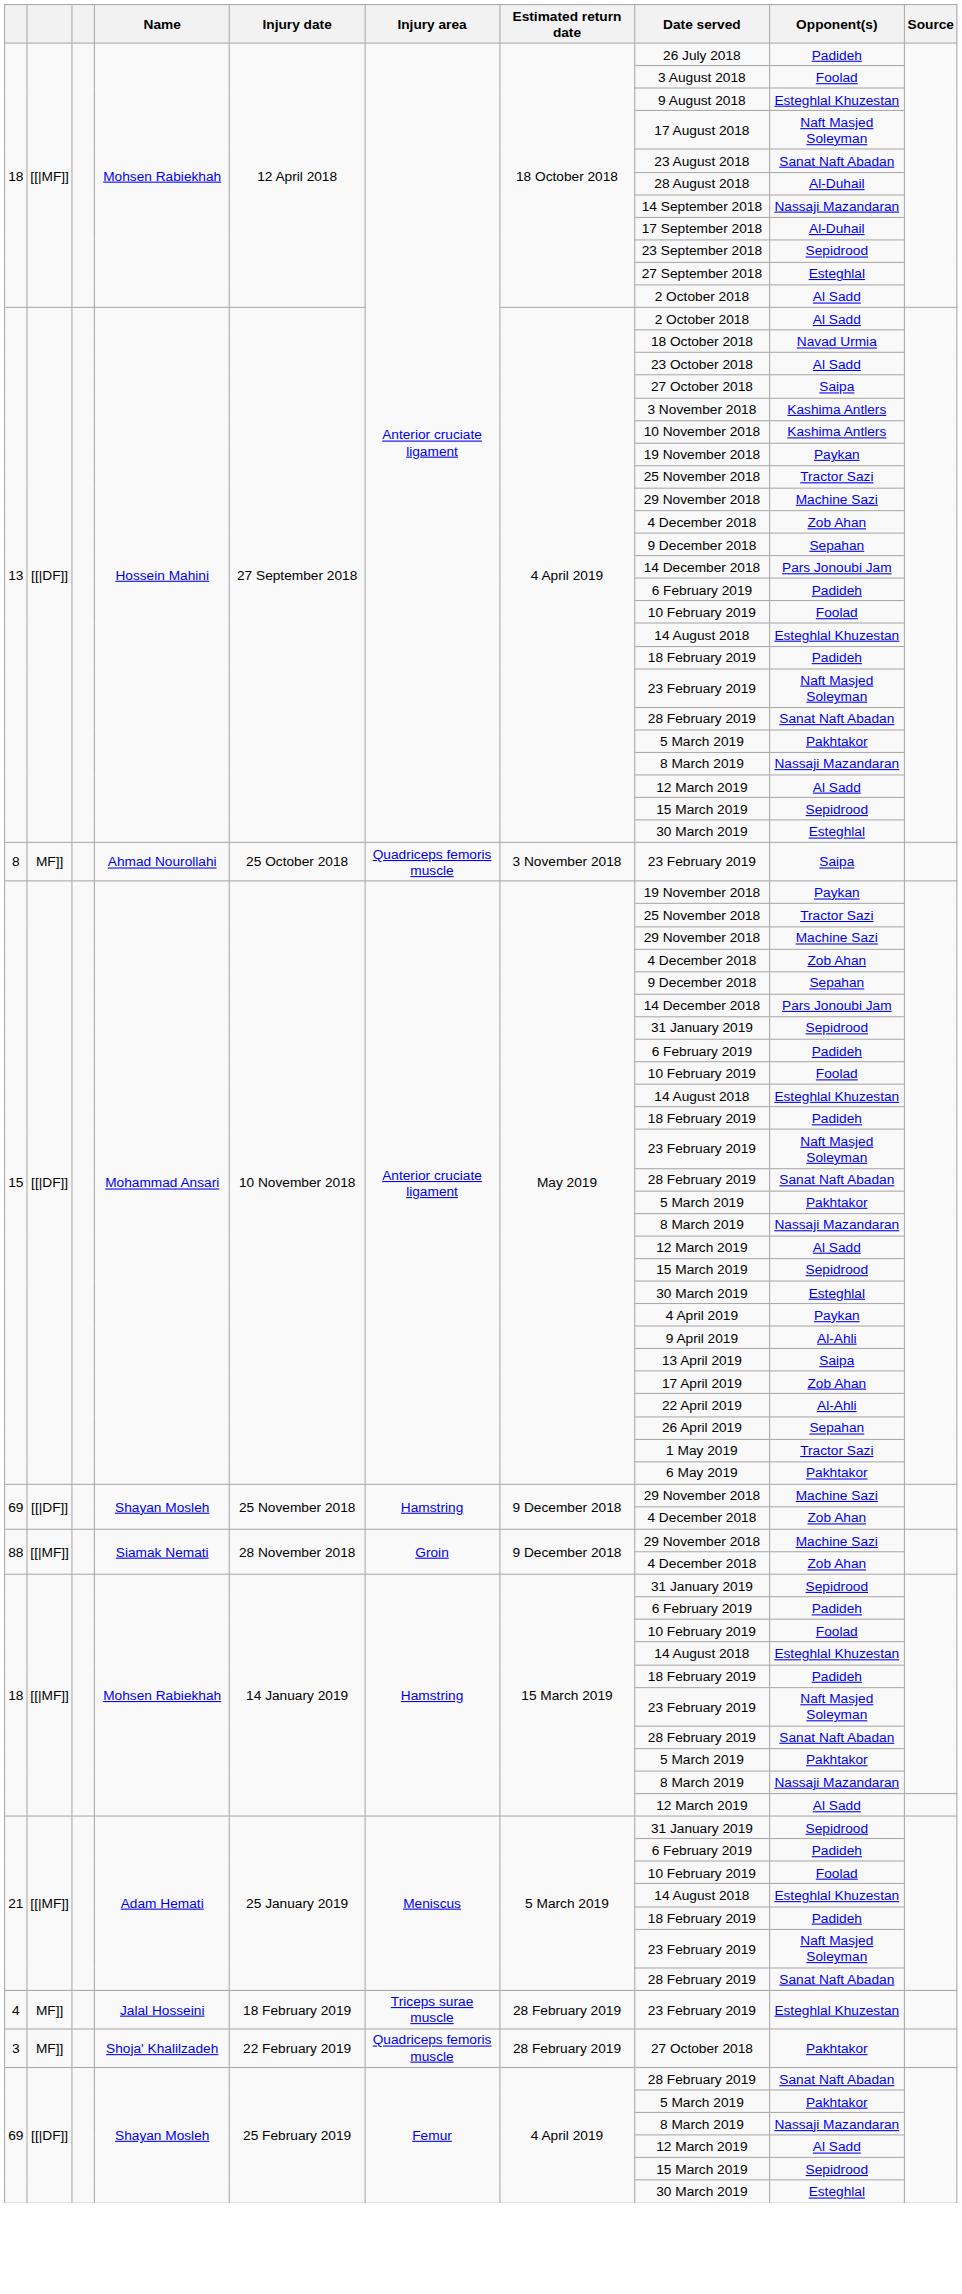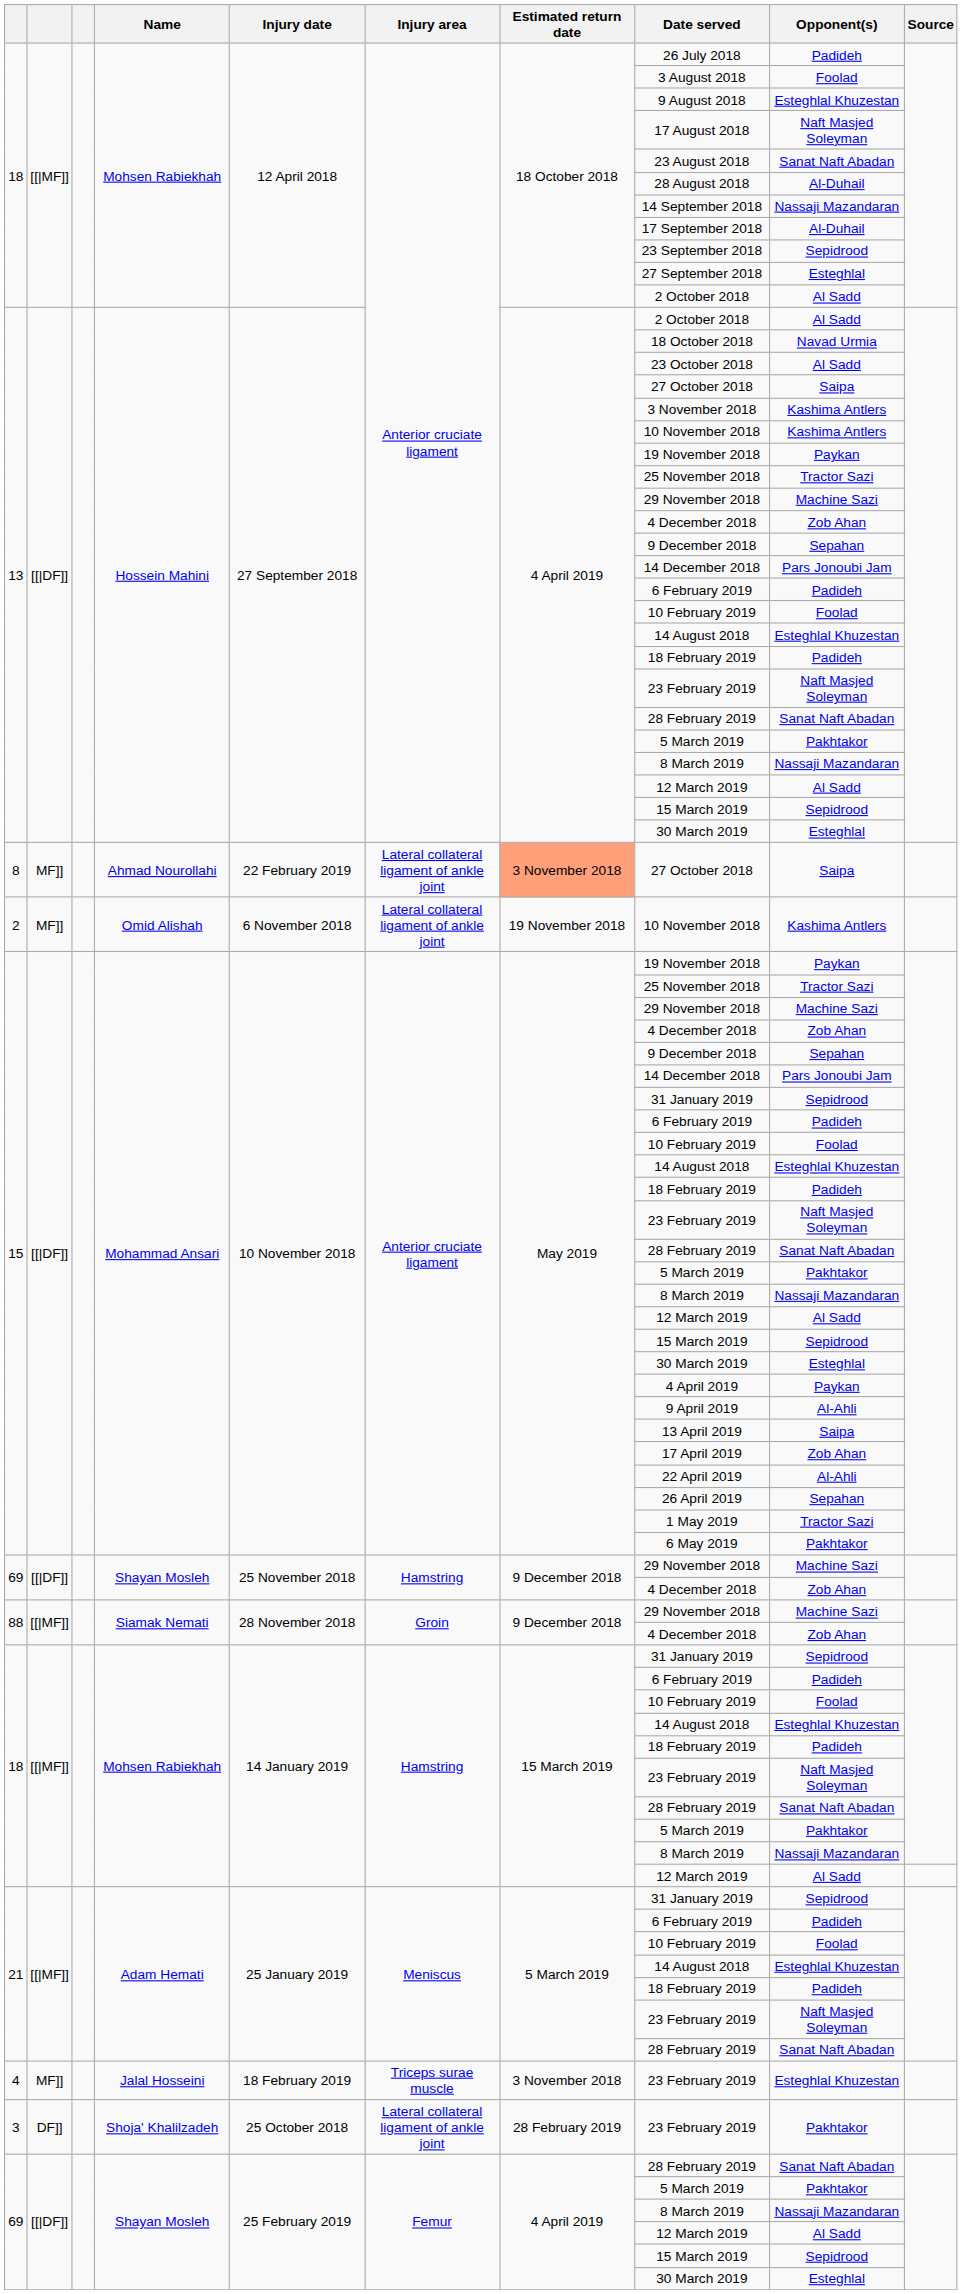 <table class="wikitable" style="font-size: 95%; text-align: center;font-size:80%">
 <tr>
 <th width=15></th>
 <th width=15></th>
 <th width=15></th>
 <th width=120>Name</th>
 <th width=120>Injury date</th>
 <th width=120>Injury area</th>
 <th width=120>Estimated return date</th>
 <th width=120>Date served</th>
 <th width=120>Opponent(s)</th>
 <th width=30>Source</th>
 </tr>
 <tr>
 <td rowspan="11">18</td>
 <td rowspan="11">[[|MF]]</td>
 <td rowspan="11"></td>
 <td rowspan="11"><a href='#'>Mohsen Rabiekhah</a></td>
 <td rowspan="11">12 April 2018</td>
 <td rowspan="34"><a href='#'>Anterior cruciate ligament</a></td>
 <td rowspan="11">18 October 2018</td>
 <td>26 July 2018</td>
 <td><a href='#'>Padideh</a></td>
 <td rowspan="11"></td>
 </tr>
 <tr>
 <td>3 August 2018</td>
 <td><a href='#'>Foolad</a></td>
 </tr>
 <tr>
 <td>9 August 2018</td>
 <td><a href='#'>Esteghlal Khuzestan</a></td>
 </tr>
 <tr>
 <td>17 August 2018</td>
 <td><a href='#'>Naft Masjed Soleyman</a></td>
 </tr>
 <tr>
 <td>23 August 2018</td>
 <td><a href='#'>Sanat Naft Abadan</a></td>
 </tr>
 <tr>
 <td>28 August 2018</td>
 <td><a href='#'>Al-Duhail</a></td>
 </tr>
 <tr>
 <td>14 September 2018</td>
 <td><a href='#'>Nassaji Mazandaran</a></td>
 </tr>
 <tr>
 <td>17 September 2018</td>
 <td><a href='#'>Al-Duhail</a></td>
 </tr>
 <tr>
 <td>23 September 2018</td>
 <td><a href='#'>Sepidrood</a></td>
 </tr>
 <tr>
 <td>27 September 2018</td>
 <td><a href='#'>Esteghlal</a></td>
 </tr>
 <tr>
 <td>2 October 2018</td>
 <td><a href='#'>Al Sadd</a></td>
 </tr>
 <tr>
 <td rowspan="23">13</td>
 <td rowspan="23">[[|DF]]</td>
 <td rowspan="23"></td>
 <td rowspan="23"><a href='#'>Hossein Mahini</a></td>
 <td rowspan="23">27 September 2018</td>
 <td rowspan="23">4 April 2019</td>
 <td>2 October 2018</td>
 <td><a href='#'>Al Sadd</a></td>
 <td rowspan="23"></td>
 </tr>
 <tr>
 <td>18 October 2018</td>
 <td><a href='#'>Navad Urmia</a></td>
 </tr>
 <tr>
 <td>23 October 2018</td>
 <td><a href='#'>Al Sadd</a></td>
 </tr>
 <tr>
 <td>27 October 2018</td>
 <td><a href='#'>Saipa</a></td>
 </tr>
 <tr>
 <td>3 November 2018</td>
 <td><a href='#'>Kashima Antlers</a></td>
 </tr>
 <tr>
 <td>10 November 2018</td>
 <td><a href='#'>Kashima Antlers</a></td>
 </tr>
 <tr>
 <td>19 November 2018</td>
 <td><a href='#'>Paykan</a></td>
 </tr>
 <tr>
 <td>25 November 2018</td>
 <td><a href='#'>Tractor Sazi</a></td>
 </tr>
 <tr>
 <td>29 November 2018</td>
 <td><a href='#'>Machine Sazi</a></td>
 </tr>
 <tr>
 <td>4 December 2018</td>
 <td><a href='#'>Zob Ahan</a></td>
 </tr>
 <tr>
 <td>9 December 2018</td>
 <td><a href='#'>Sepahan</a></td>
 </tr>
 <tr>
 <td>14 December 2018</td>
 <td><a href='#'>Pars Jonoubi Jam</a></td>
 </tr>
 <tr>
 <td>6 February 2019</td>
 <td><a href='#'>Padideh</a></td>
 </tr>
 <tr>
 <td>10 February 2019</td>
 <td><a href='#'>Foolad</a></td>
 </tr>
 <tr>
 <td>14 August 2018</td>
 <td><a href='#'>Esteghlal Khuzestan</a></td>
 </tr>
 <tr>
 <td>18 February 2019</td>
 <td><a href='#'>Padideh</a></td>
 </tr>
 <tr>
 <td>23 February 2019</td>
 <td><a href='#'>Naft Masjed Soleyman</a></td>
 </tr>
 <tr>
 <td>28 February 2019</td>
 <td><a href='#'>Sanat Naft Abadan</a></td>
 </tr>
 <tr>
 <td>5 March 2019</td>
 <td><a href='#'>Pakhtakor</a></td>
 </tr>
 <tr>
 <td>8 March 2019</td>
 <td><a href='#'>Nassaji Mazandaran</a></td>
 </tr>
 <tr>
 <td>12 March 2019</td>
 <td><a href='#'>Al Sadd</a></td>
 </tr>
 <tr>
 <td>15 March 2019</td>
 <td><a href='#'>Sepidrood</a></td>
 </tr>
 <tr>
 <td>30 March 2019</td>
 <td><a href='#'>Esteghlal</a></td>
 </tr>
 <tr>
 <td>8</td>
 <td [[>MF]]</td>
 <td></td>
 <td><a href='#'>Ahmad Nourollahi</a></td>
-<td>25 October 2018</td>
-<td><a href='#'>Quadriceps femoris muscle</a></td>
-<td>3 November 2018</td>
-<td>23 February 2019</td>
+<td>22 February 2019</td>
+<td><a href='#'>Lateral collateral ligament of ankle joint</a></td>
+<td style="background: lightsalmon;">3 November 2018</td>
+<td>27 October 2018</td>
 <td><a href='#'>Saipa</a></td>
+<td></td>
+</tr>
+<tr>
+<td>2</td>
+<td [[>MF]]</td>
+<td></td>
+<td><a href='#'>Omid Alishah</a></td>
+<td>6 November 2018</td>
+<td><a href='#'>Lateral collateral ligament of ankle joint</a></td>
+<td>19 November 2018</td>
+<td>10 November 2018</td>
+<td><a href='#'>Kashima Antlers</a></td>
 <td></td>
 </tr>
 <tr>
 <td rowspan="26">15</td>
 <td rowspan="26">[[|DF]]</td>
 <td rowspan="26"></td>
 <td rowspan="26"><a href='#'>Mohammad Ansari</a></td>
 <td rowspan="26">10 November 2018</td>
 <td rowspan="26"><a href='#'>Anterior cruciate ligament</a></td>
 <td rowspan="26">May 2019</td>
 <td>19 November 2018</td>
 <td><a href='#'>Paykan</a></td>
 <td rowspan="26"></td>
 </tr>
 <tr>
 <td>25 November 2018</td>
 <td><a href='#'>Tractor Sazi</a></td>
 </tr>
 <tr>
 <td>29 November 2018</td>
 <td><a href='#'>Machine Sazi</a></td>
 </tr>
 <tr>
 <td>4 December 2018</td>
 <td><a href='#'>Zob Ahan</a></td>
 </tr>
 <tr>
 <td>9 December 2018</td>
 <td><a href='#'>Sepahan</a></td>
 </tr>
 <tr>
 <td>14 December 2018</td>
 <td><a href='#'>Pars Jonoubi Jam</a></td>
 </tr>
 <tr>
 <td>31 January 2019</td>
 <td><a href='#'>Sepidrood</a></td>
 </tr>
 <tr>
 <td>6 February 2019</td>
 <td><a href='#'>Padideh</a></td>
 </tr>
 <tr>
 <td>10 February 2019</td>
 <td><a href='#'>Foolad</a></td>
 </tr>
 <tr>
 <td>14 August 2018</td>
 <td><a href='#'>Esteghlal Khuzestan</a></td>
 </tr>
 <tr>
 <td>18 February 2019</td>
 <td><a href='#'>Padideh</a></td>
 </tr>
 <tr>
 <td>23 February 2019</td>
 <td><a href='#'>Naft Masjed Soleyman</a></td>
 </tr>
 <tr>
 <td>28 February 2019</td>
 <td><a href='#'>Sanat Naft Abadan</a></td>
 </tr>
 <tr>
 <td>5 March 2019</td>
 <td><a href='#'>Pakhtakor</a></td>
 </tr>
 <tr>
 <td>8 March 2019</td>
 <td><a href='#'>Nassaji Mazandaran</a></td>
 </tr>
 <tr>
 <td>12 March 2019</td>
 <td><a href='#'>Al Sadd</a></td>
 </tr>
 <tr>
 <td>15 March 2019</td>
 <td><a href='#'>Sepidrood</a></td>
 </tr>
 <tr>
 <td>30 March 2019</td>
 <td><a href='#'>Esteghlal</a></td>
 </tr>
 <tr>
 <td>4 April 2019</td>
 <td><a href='#'>Paykan</a></td>
 </tr>
 <tr>
 <td>9 April 2019</td>
 <td><a href='#'>Al-Ahli</a></td>
 </tr>
 <tr>
 <td>13 April 2019</td>
 <td><a href='#'>Saipa</a></td>
 </tr>
 <tr>
 <td>17 April 2019</td>
 <td><a href='#'>Zob Ahan</a></td>
 </tr>
 <tr>
 <td>22 April 2019</td>
 <td><a href='#'>Al-Ahli</a></td>
 </tr>
 <tr>
 <td>26 April 2019</td>
 <td><a href='#'>Sepahan</a></td>
 </tr>
 <tr>
 <td>1 May 2019</td>
 <td><a href='#'>Tractor Sazi</a></td>
 </tr>
 <tr>
 <td>6 May 2019</td>
 <td><a href='#'>Pakhtakor</a></td>
 </tr>
 <tr>
 <td rowspan="2">69</td>
 <td rowspan="2">[[|DF]]</td>
 <td rowspan="2"></td>
 <td rowspan="2"><a href='#'>Shayan Mosleh</a></td>
 <td rowspan="2">25 November 2018</td>
 <td rowspan="2"><a href='#'>Hamstring</a></td>
 <td rowspan="2">9 December 2018</td>
 <td>29 November 2018</td>
 <td><a href='#'>Machine Sazi</a></td>
 <td rowspan="2"></td>
 </tr>
 <tr>
 <td>4 December 2018</td>
 <td><a href='#'>Zob Ahan</a></td>
 </tr>
 <tr>
 <td rowspan="2">88</td>
 <td rowspan="2">[[|MF]]</td>
 <td rowspan="2"></td>
 <td rowspan="2"><a href='#'>Siamak Nemati</a></td>
 <td rowspan="2">28 November 2018</td>
 <td rowspan="2"><a href='#'>Groin</a></td>
 <td rowspan="2">9 December 2018</td>
 <td>29 November 2018</td>
 <td><a href='#'>Machine Sazi</a></td>
 <td rowspan="2"></td>
 </tr>
 <tr>
 <td>4 December 2018</td>
 <td><a href='#'>Zob Ahan</a></td>
 </tr>
 <tr>
 <td rowspan="10">18</td>
 <td rowspan="10">[[|MF]]</td>
 <td rowspan="10"></td>
 <td rowspan="10"><a href='#'>Mohsen Rabiekhah</a></td>
 <td rowspan="10">14 January 2019</td>
 <td rowspan="10"><a href='#'>Hamstring</a></td>
 <td rowspan="10">15 March 2019</td>
 <td>31 January 2019</td>
 <td><a href='#'>Sepidrood</a></td>
 <td rowspan="9"></td>
 </tr>
 <tr>
 <td>6 February 2019</td>
 <td><a href='#'>Padideh</a></td>
 </tr>
 <tr>
 <td>10 February 2019</td>
 <td><a href='#'>Foolad</a></td>
 </tr>
 <tr>
 <td>14 August 2018</td>
 <td><a href='#'>Esteghlal Khuzestan</a></td>
 </tr>
 <tr>
 <td>18 February 2019</td>
 <td><a href='#'>Padideh</a></td>
 </tr>
 <tr>
 <td>23 February 2019</td>
 <td><a href='#'>Naft Masjed Soleyman</a></td>
 </tr>
 <tr>
 <td>28 February 2019</td>
 <td><a href='#'>Sanat Naft Abadan</a></td>
 </tr>
 <tr>
 <td>5 March 2019</td>
 <td><a href='#'>Pakhtakor</a></td>
 </tr>
 <tr>
 <td>8 March 2019</td>
 <td><a href='#'>Nassaji Mazandaran</a></td>
 </tr>
 <tr>
 <td>12 March 2019</td>
 <td><a href='#'>Al Sadd</a></td>
 </tr>
 <tr>
 <td rowspan="7">21</td>
 <td rowspan="7">[[|MF]]</td>
 <td rowspan="7"><br></td>
 <td rowspan="7"><a href='#'>Adam Hemati</a></td>
 <td rowspan="7">25 January 2019</td>
 <td rowspan="7"><a href='#'>Meniscus</a></td>
 <td rowspan="7">5 March 2019</td>
 <td>31 January 2019</td>
 <td><a href='#'>Sepidrood</a></td>
 <td rowspan="7"></td>
 </tr>
 <tr>
 <td>6 February 2019</td>
 <td><a href='#'>Padideh</a></td>
 </tr>
 <tr>
 <td>10 February 2019</td>
 <td><a href='#'>Foolad</a></td>
 </tr>
 <tr>
 <td>14 August 2018</td>
 <td><a href='#'>Esteghlal Khuzestan</a></td>
 </tr>
 <tr>
 <td>18 February 2019</td>
 <td><a href='#'>Padideh</a></td>
 </tr>
 <tr>
 <td>23 February 2019</td>
 <td><a href='#'>Naft Masjed Soleyman</a></td>
 </tr>
 <tr>
 <td>28 February 2019</td>
 <td><a href='#'>Sanat Naft Abadan</a></td>
 </tr>
 <tr>
 <td>4</td>
 <td [[>MF]]</td>
 <td></td>
 <td><a href='#'>Jalal Hosseini</a></td>
 <td>18 February 2019</td>
 <td><a href='#'>Triceps surae muscle</a></td>
-<td>28 February 2019</td>
+<td>3 November 2018</td>
 <td>23 February 2019</td>
 <td><a href='#'>Esteghlal Khuzestan</a></td>
 <td></td>
 </tr>
 <tr>
 <td>3</td>
-<td [[>MF]]</td>
+<td [[>DF]]</td>
 <td></td>
 <td><a href='#'>Shoja' Khalilzadeh</a></td>
-<td>22 February 2019</td>
-<td><a href='#'>Quadriceps femoris muscle</a></td>
+<td>25 October 2018</td>
+<td><a href='#'>Lateral collateral ligament of ankle joint</a></td>
 <td>28 February 2019</td>
-<td>27 October 2018</td>
+<td>23 February 2019</td>
 <td><a href='#'>Pakhtakor</a></td>
 <td></td>
 </tr>
 <tr>
 <td rowspan="6">69</td>
 <td rowspan="6">[[|DF]]</td>
 <td rowspan="6"></td>
 <td rowspan="6"><a href='#'>Shayan Mosleh</a></td>
 <td rowspan="6">25 February 2019</td>
 <td rowspan="6"><a href='#'>Femur</a></td>
 <td rowspan="6">4 April 2019</td>
 <td>28 February 2019</td>
 <td><a href='#'>Sanat Naft Abadan</a></td>
 <td rowspan="6"></td>
 </tr>
 <tr>
 <td>5 March 2019</td>
 <td><a href='#'>Pakhtakor</a></td>
 </tr>
 <tr>
 <td>8 March 2019</td>
 <td><a href='#'>Nassaji Mazandaran</a></td>
 </tr>
 <tr>
 <td>12 March 2019</td>
 <td><a href='#'>Al Sadd</a></td>
 </tr>
 <tr>
 <td>15 March 2019</td>
 <td><a href='#'>Sepidrood</a></td>
 </tr>
 <tr>
 <td>30 March 2019</td>
 <td><a href='#'>Esteghlal</a></td>
 </tr>
 <tr align=left style="background:#DCDCDC">
 </tr>
 </table>
